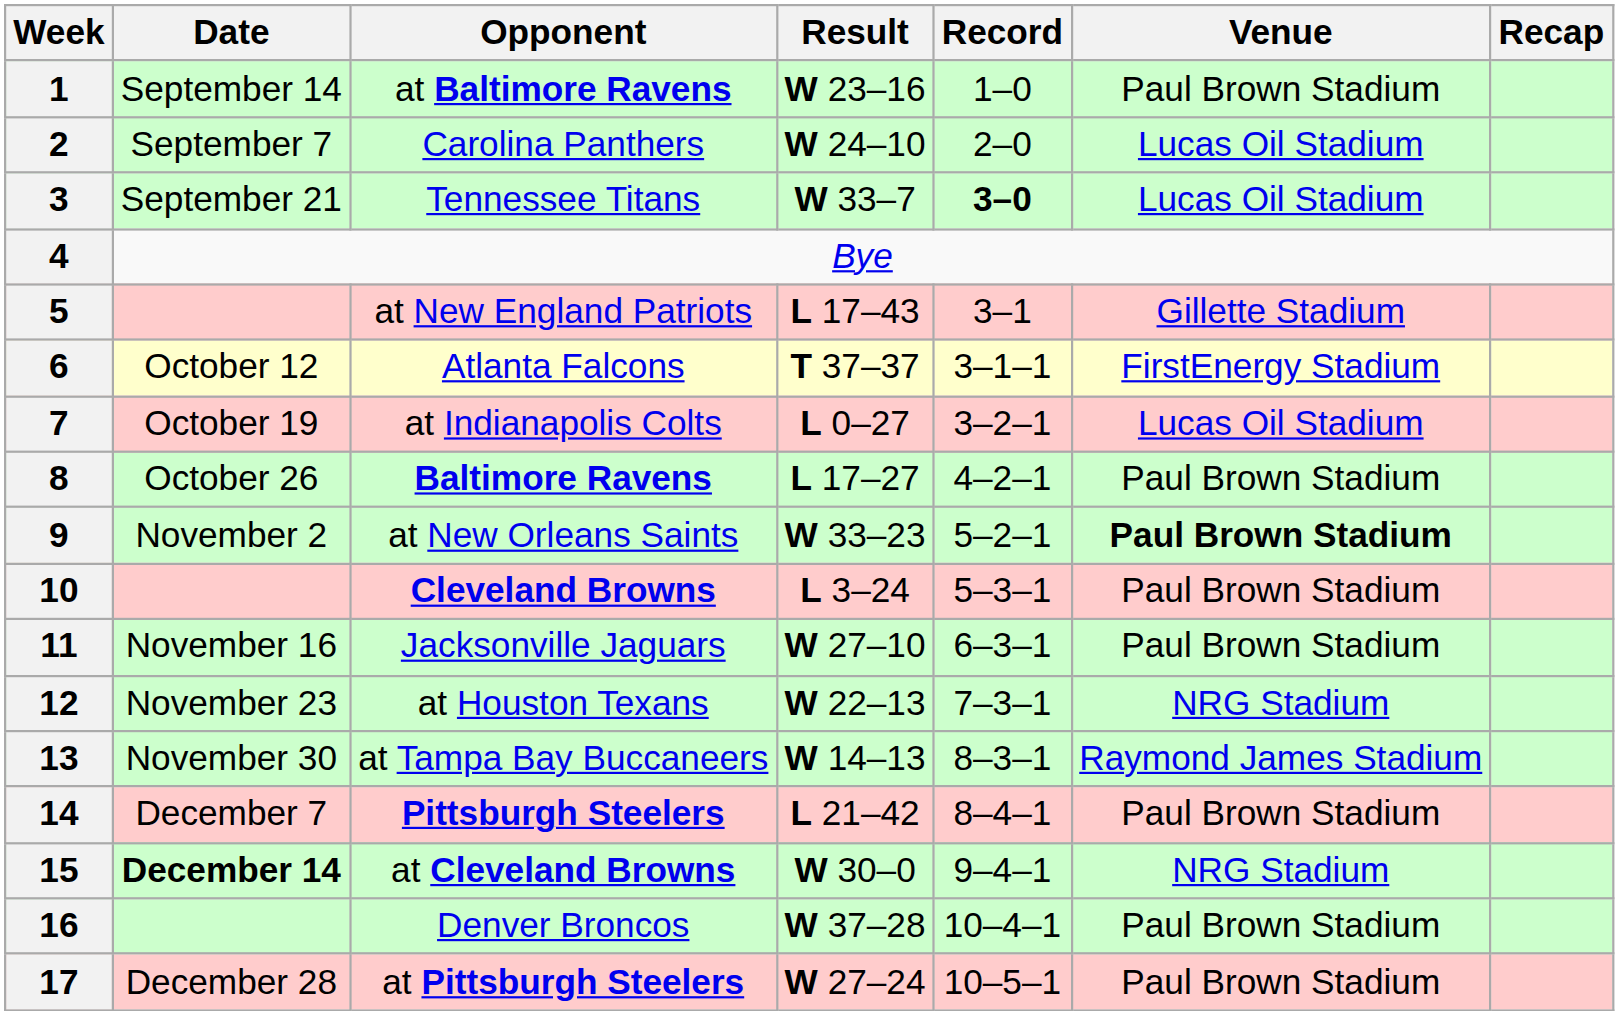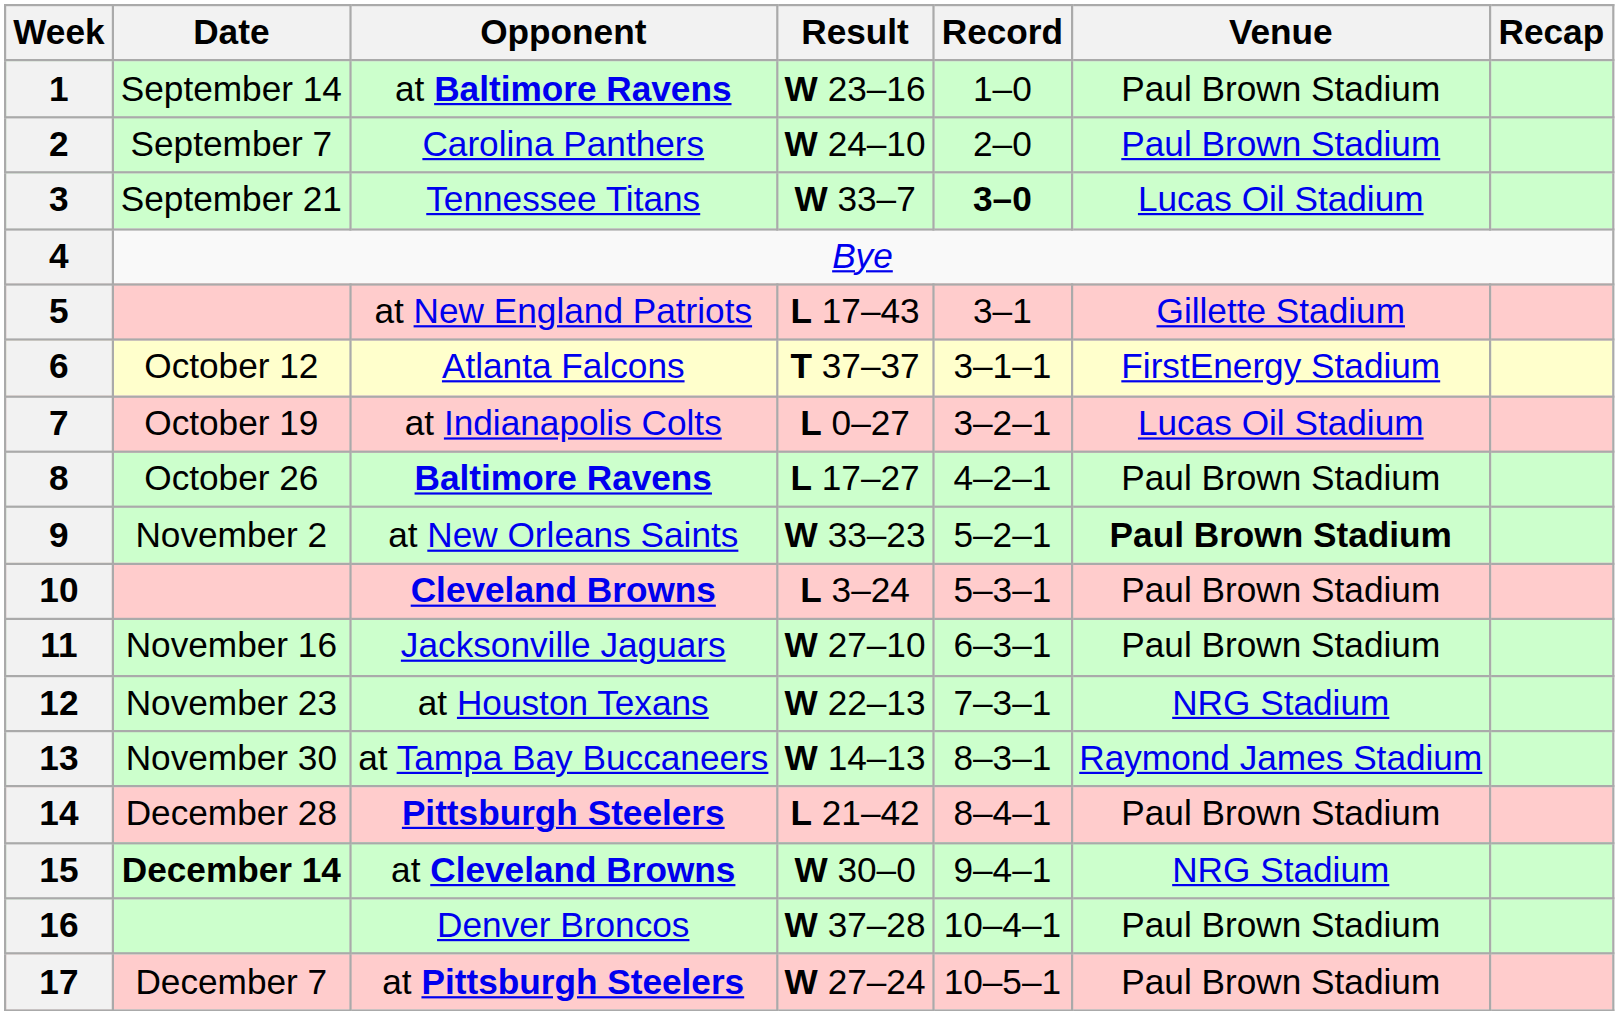 <table class="wikitable" style="text-align:center">
 <tr>
 <th>Week</th>
 <th>Date</th>
 <th>Opponent</th>
 <th>Result</th>
 <th>Record</th>
 <th>Venue</th>
 <th>Recap</th>
 </tr>
 <tr style="background:#cfc">
 <th>1</th>
 <td>September 14</td>
 <td>at <strong><a href='#'>Baltimore Ravens</a></strong></td>
 <td><strong>W</strong> 23–16</td>
 <td>1–0</td>
 <td>Paul Brown Stadium</td>
 <td></td>
 </tr>
 <tr style="background:#cfc">
 <th>2</th>
 <td>September 7</td>
 <td><a href='#'>Carolina Panthers</a></td>
 <td><strong>W</strong> 24–10</td>
 <td>2–0</td>
-<td><a href='#'>Lucas Oil Stadium</a></td>
+<td><a href='#'>Paul Brown Stadium</a></td>
 <td></td>
 </tr>
 <tr style="background:#cfc">
 <th>3</th>
 <td>September 21</td>
 <td><a href='#'>Tennessee Titans</a></td>
 <td><strong>W</strong> 33–7</td>
 <td><strong>3–0</strong></td>
 <td><a href='#'>Lucas Oil Stadium</a></td>
 <td></td>
 </tr>
 <tr>
 <th>4</th>
 <td colspan="6"><em><a href='#'>Bye</a></em></td>
 </tr>
 <tr style="background:#fcc">
 <th>5</th>
 <td></td>
 <td>at <a href='#'>New England Patriots</a></td>
 <td><strong>L</strong> 17–43</td>
 <td>3–1</td>
 <td><a href='#'>Gillette Stadium</a></td>
 <td></td>
 </tr>
 <tr style="background:#ffc">
 <th>6</th>
 <td>October 12</td>
 <td><a href='#'>Atlanta Falcons</a></td>
 <td><strong>T</strong> 37–37 </td>
 <td>3–1–1</td>
 <td><a href='#'>FirstEnergy Stadium</a></td>
 <td></td>
 </tr>
 <tr style="background:#fcc">
 <th>7</th>
 <td>October 19</td>
 <td>at <a href='#'>Indianapolis Colts</a></td>
 <td><strong>L</strong> 0–27</td>
 <td>3–2–1</td>
 <td><a href='#'>Lucas Oil Stadium</a></td>
 <td></td>
 </tr>
 <tr style="background:#cfc">
 <th>8</th>
 <td>October 26</td>
 <td><strong><a href='#'>Baltimore Ravens</a></strong></td>
 <td><strong>L</strong> 17–27</td>
 <td>4–2–1</td>
 <td>Paul Brown Stadium</td>
 <td></td>
 </tr>
 <tr style="background:#cfc">
 <th>9</th>
 <td>November 2</td>
 <td>at <a href='#'>New Orleans Saints</a></td>
 <td><strong>W</strong> 33–23</td>
 <td>5–2–1</td>
 <td><strong>Paul Brown Stadium</strong></td>
 <td></td>
 </tr>
 <tr style="background:#fcc">
 <th>10</th>
 <td></td>
 <td><strong><a href='#'>Cleveland Browns</a></strong></td>
 <td><strong>L</strong> 3–24</td>
 <td>5–3–1</td>
 <td>Paul Brown Stadium</td>
 <td></td>
 </tr>
 <tr style="background:#cfc">
 <th>11</th>
 <td>November 16</td>
 <td><a href='#'>Jacksonville Jaguars</a></td>
 <td><strong>W</strong> 27–10</td>
 <td>6–3–1</td>
 <td>Paul Brown Stadium</td>
 <td></td>
 </tr>
 <tr style="background:#cfc">
 <th>12</th>
 <td>November 23</td>
 <td>at <a href='#'>Houston Texans</a></td>
 <td><strong>W</strong> 22–13</td>
 <td>7–3–1</td>
 <td><a href='#'>NRG Stadium</a></td>
 <td></td>
 </tr>
 <tr style="background:#cfc">
 <th>13</th>
 <td>November 30</td>
 <td>at <a href='#'>Tampa Bay Buccaneers</a></td>
 <td><strong>W</strong> 14–13</td>
 <td>8–3–1</td>
 <td><a href='#'>Raymond James Stadium</a></td>
 <td></td>
 </tr>
 <tr style="background:#fcc">
 <th>14</th>
-<td>December 7</td>
+<td>December 28</td>
 <td><strong><a href='#'>Pittsburgh Steelers</a></strong></td>
 <td><strong>L</strong> 21–42</td>
 <td>8–4–1</td>
 <td>Paul Brown Stadium</td>
 <td></td>
 </tr>
 <tr style="background:#cfc">
 <th>15</th>
 <td><strong>December 14</strong></td>
 <td>at <strong><a href='#'>Cleveland Browns</a></strong></td>
 <td><strong>W</strong> 30–0</td>
 <td>9–4–1</td>
 <td><a href='#'>NRG Stadium</a></td>
 <td></td>
 </tr>
 <tr style="background:#cfc">
 <th>16</th>
 <td></td>
 <td><a href='#'>Denver Broncos</a></td>
 <td><strong>W</strong> 37–28</td>
 <td>10–4–1</td>
 <td>Paul Brown Stadium</td>
 <td></td>
 </tr>
 <tr style="background:#fcc">
 <th>17</th>
-<td>December 28</td>
+<td>December 7</td>
 <td>at <strong><a href='#'>Pittsburgh Steelers</a></strong></td>
 <td><strong>W</strong> 27–24</td>
 <td>10–5–1</td>
 <td>Paul Brown Stadium</td>
 <td></td>
 </tr>
 </table>
